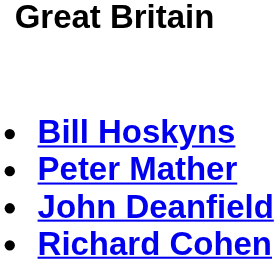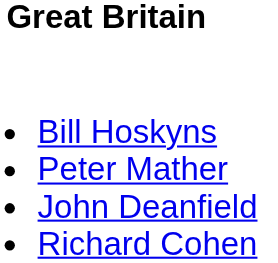 <table>
 <tr>
 <th>Great Britain</th>
 </tr>
 <tr>
-<td><strong><br><ul><li><a href='#'>Bill Hoskyns</a></li><li><a href='#'>Peter Mather</a></li><li><a href='#'>John Deanfield</a></li><li><a href='#'>Richard Cohen</a></li></ul></strong></td>
+<td><br><ul><li><a href='#'>Bill Hoskyns</a></li><li><a href='#'>Peter Mather</a></li><li><a href='#'>John Deanfield</a></li><li><a href='#'>Richard Cohen</a></li></ul></td>
 </tr>
 </table>
